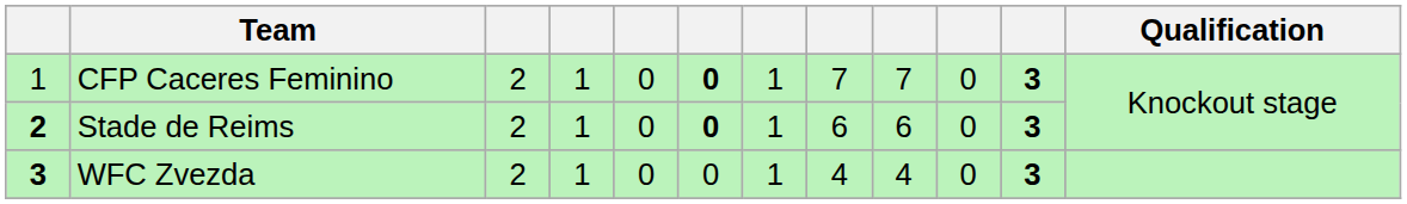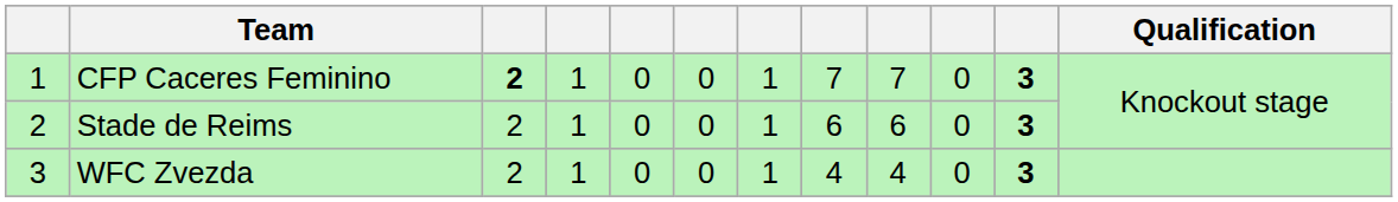 <table class="wikitable" style="font-size: 95%">
 <tr>
 <th width="25"></th>
 <th width="200">Team</th>
 <th width="25"></th>
 <th width="25"></th>
 <th width="25"></th>
 <th width="25"></th>
 <th width="25"></th>
 <th width="25"></th>
 <th width="25"></th>
 <th width="25"></th>
 <th width="25"></th>
 <th width="160">Qualification</th>
 </tr>
 <tr align=center bgcolor=#bbf3bb>
 <td>1</td>
 <td align=left> CFP Caceres Feminino</td>
-<td>2</td>
+<td><strong>2</strong></td>
 <td>1</td>
 <td>0</td>
-<td><strong>0</strong></td>
+<td>0</td>
 <td>1</td>
 <td>7</td>
 <td>7</td>
 <td>0</td>
 <td><strong>3</strong></td>
 <td rowspan=2>Knockout stage</td>
 </tr>
 <tr align=center bgcolor=#bbf3bb>
-<td><strong>2</strong></td>
+<td>2</td>
 <td align=left> Stade de Reims</td>
 <td>2</td>
 <td>1</td>
 <td>0</td>
-<td><strong>0</strong></td>
+<td>0</td>
 <td>1</td>
 <td>6</td>
 <td>6</td>
 <td>0</td>
 <td><strong>3</strong></td>
 </tr>
 <tr align=center bgcolor=#bbf3bb>
-<td><strong>3</strong></td>
+<td>3</td>
 <td align=left> WFC Zvezda</td>
 <td>2</td>
 <td>1</td>
 <td>0</td>
 <td>0</td>
 <td>1</td>
 <td>4</td>
 <td>4</td>
 <td>0</td>
 <td><strong>3</strong></td>
 <td></td>
 </tr>
 </table>
